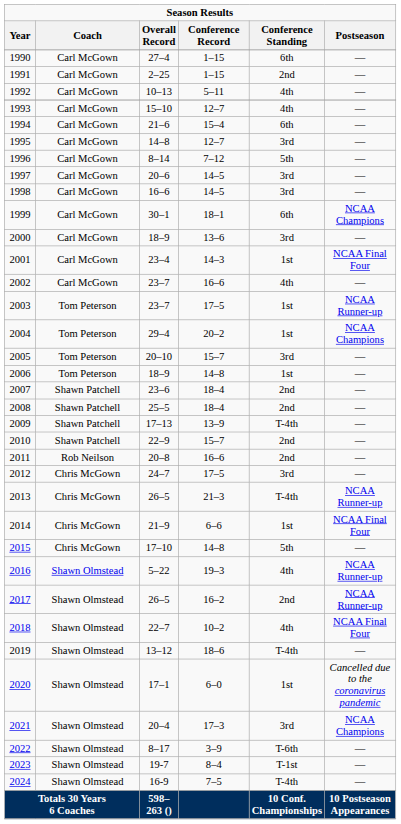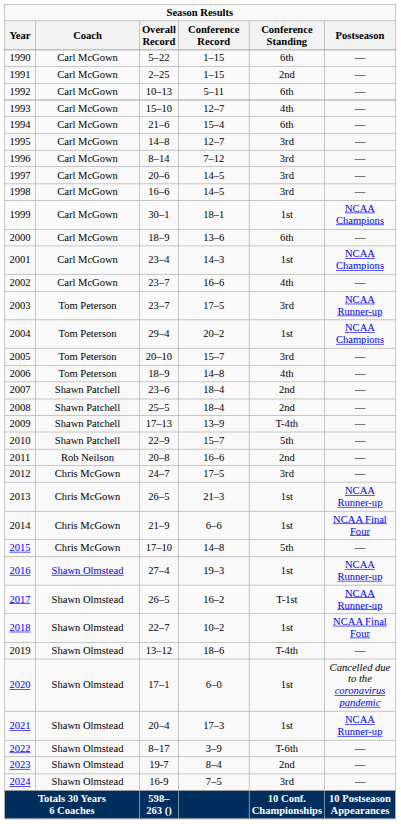 <table class="wikitable sortable" style="text-align:center">
 <tr>
 <td colspan="6"><strong>Season Results</strong></td>
 </tr>
 <tr>
 <th style="width:40px; ">Year</th>
 <th style="width:150px; ">Coach</th>
 <th style="width:40px; ">Overall Record</th>
 <th style="width:100px; ">Conference Record</th>
 <th style="width:40px; ">Conference Standing</th>
 <th style="width:100px; ">Postseason</th>
 </tr>
 <tr>
 </tr>
 <tr>
 <td>1990</td>
 <td>Carl McGown</td>
-<td>27–4</td>
+<td>5–22</td>
 <td>1–15</td>
 <td>6th</td>
 <td>—</td>
 </tr>
 <tr>
 <td>1991</td>
 <td>Carl McGown</td>
 <td>2–25</td>
 <td>1–15</td>
 <td>2nd</td>
 <td>—</td>
 </tr>
 <tr>
 <td>1992</td>
 <td>Carl McGown</td>
 <td>10–13</td>
 <td>5–11</td>
-<td>4th</td>
+<td>6th</td>
 <td>—</td>
 </tr>
 <tr>
 </tr>
 <tr>
 <td>1993</td>
 <td>Carl McGown</td>
 <td>15–10</td>
 <td>12–7</td>
 <td>4th</td>
 <td>—</td>
 </tr>
 <tr>
 <td>1994</td>
 <td>Carl McGown</td>
 <td>21–6</td>
 <td>15–4</td>
 <td>6th</td>
 <td>—</td>
 </tr>
 <tr>
 <td>1995</td>
 <td>Carl McGown</td>
 <td>14–8</td>
 <td>12–7</td>
 <td>3rd</td>
 <td>—</td>
 </tr>
 <tr>
 <td>1996</td>
 <td>Carl McGown</td>
 <td>8–14</td>
 <td>7–12</td>
-<td>5th</td>
+<td>3rd</td>
 <td>—</td>
 </tr>
 <tr>
 <td>1997</td>
 <td>Carl McGown</td>
 <td>20–6</td>
 <td>14–5</td>
 <td>3rd</td>
 <td>—</td>
 </tr>
 <tr>
 <td>1998</td>
 <td>Carl McGown</td>
 <td>16–6</td>
 <td>14–5</td>
 <td>3rd</td>
 <td>—</td>
 </tr>
 <tr>
 <td>1999</td>
 <td>Carl McGown</td>
 <td>30–1</td>
 <td>18–1</td>
-<td>6th</td>
+<td>1st</td>
 <td><a href='#'>NCAA Champions</a></td>
 </tr>
 <tr>
 <td>2000</td>
 <td>Carl McGown</td>
 <td>18–9</td>
 <td>13–6</td>
-<td>3rd</td>
+<td>6th</td>
 <td>—</td>
 </tr>
 <tr>
 <td>2001</td>
 <td>Carl McGown</td>
 <td>23–4</td>
 <td>14–3</td>
 <td>1st</td>
-<td><a href='#'>NCAA Final Four</a></td>
+<td><a href='#'>NCAA Champions</a></td>
 </tr>
 <tr>
 <td>2002</td>
 <td>Carl McGown</td>
 <td>23–7</td>
 <td>16–6</td>
 <td>4th</td>
 <td>—</td>
 </tr>
 <tr>
 <td>2003</td>
 <td>Tom Peterson</td>
 <td>23–7</td>
 <td>17–5</td>
-<td>1st</td>
+<td>3rd</td>
 <td><a href='#'>NCAA Runner-up</a></td>
 </tr>
 <tr>
 <td>2004</td>
 <td>Tom Peterson</td>
 <td>29–4</td>
 <td>20–2</td>
 <td>1st</td>
 <td><a href='#'>NCAA Champions</a></td>
 </tr>
 <tr>
 <td>2005</td>
 <td>Tom Peterson</td>
 <td>20–10</td>
 <td>15–7</td>
 <td>3rd</td>
 <td>—</td>
 </tr>
 <tr>
 <td>2006</td>
 <td>Tom Peterson</td>
 <td>18–9</td>
 <td>14–8</td>
-<td>1st</td>
+<td>4th</td>
 <td>—</td>
 </tr>
 <tr>
 <td>2007</td>
 <td>Shawn Patchell</td>
 <td>23–6</td>
 <td>18–4</td>
 <td>2nd</td>
 <td>—</td>
 </tr>
 <tr>
 <td>2008</td>
 <td>Shawn Patchell</td>
 <td>25–5</td>
 <td>18–4</td>
 <td>2nd</td>
 <td>—</td>
 </tr>
 <tr>
 <td>2009</td>
 <td>Shawn Patchell</td>
 <td>17–13</td>
 <td>13–9</td>
 <td>T-4th</td>
 <td>—</td>
 </tr>
 <tr>
 <td>2010</td>
 <td>Shawn Patchell</td>
 <td>22–9</td>
 <td>15–7</td>
-<td>2nd</td>
+<td>5th</td>
 <td>—</td>
 </tr>
 <tr>
 <td>2011</td>
 <td>Rob Neilson</td>
 <td>20–8</td>
 <td>16–6</td>
 <td>2nd</td>
 <td>—</td>
 </tr>
 <tr>
 <td>2012</td>
 <td>Chris McGown</td>
 <td>24–7</td>
 <td>17–5</td>
 <td>3rd</td>
 <td>—</td>
 </tr>
 <tr>
 <td>2013</td>
 <td>Chris McGown</td>
 <td>26–5</td>
 <td>21–3</td>
-<td>T-4th</td>
+<td>1st</td>
 <td><a href='#'>NCAA Runner-up</a></td>
 </tr>
 <tr>
 <td>2014</td>
 <td>Chris McGown</td>
 <td>21–9</td>
 <td>6–6</td>
 <td>1st</td>
 <td><a href='#'>NCAA Final Four</a></td>
 </tr>
 <tr>
 <td><a href='#'>2015</a></td>
 <td>Chris McGown</td>
 <td>17–10</td>
 <td>14–8</td>
 <td>5th</td>
 <td>—</td>
 </tr>
 <tr>
 <td><a href='#'>2016</a></td>
 <td><a href='#'>Shawn Olmstead</a></td>
-<td>5–22</td>
+<td>27–4</td>
 <td>19–3</td>
-<td>4th</td>
+<td>1st</td>
 <td><a href='#'>NCAA Runner-up</a></td>
 </tr>
 <tr>
 <td><a href='#'>2017</a></td>
 <td>Shawn Olmstead</td>
 <td>26–5</td>
 <td>16–2</td>
-<td>2nd</td>
+<td>T-1st</td>
 <td><a href='#'>NCAA Runner-up</a></td>
 </tr>
 <tr>
 <td><a href='#'>2018</a></td>
 <td>Shawn Olmstead</td>
 <td>22–7</td>
 <td>10–2</td>
-<td>4th</td>
+<td>1st</td>
 <td><a href='#'>NCAA Final Four</a></td>
 </tr>
 <tr>
 <td>2019</td>
 <td>Shawn Olmstead</td>
 <td>13–12</td>
 <td>18–6</td>
 <td>T-4th</td>
 <td>—</td>
 </tr>
 <tr>
 <td><a href='#'>2020</a></td>
 <td>Shawn Olmstead</td>
 <td>17–1</td>
 <td>6–0</td>
 <td>1st</td>
 <td><em>Cancelled due to the <a href='#'>coronavirus pandemic</a></em></td>
 </tr>
 <tr>
 <td><a href='#'>2021</a></td>
 <td>Shawn Olmstead</td>
 <td>20–4</td>
 <td>17–3</td>
-<td>3rd</td>
-<td><a href='#'>NCAA Champions</a></td>
+<td>1st</td>
+<td><a href='#'>NCAA Runner-up</a></td>
 </tr>
 <tr>
 <td><a href='#'>2022</a></td>
 <td>Shawn Olmstead</td>
 <td>8–17</td>
 <td>3–9</td>
 <td>T-6th</td>
 <td>—</td>
 </tr>
 <tr>
 <td><a href='#'>2023</a></td>
 <td>Shawn Olmstead</td>
 <td>19-7</td>
 <td>8–4</td>
-<td>T-1st</td>
+<td>2nd</td>
 <td>—</td>
 </tr>
 <tr>
 <td><a href='#'>2024</a></td>
 <td>Shawn Olmstead</td>
 <td>16-9</td>
 <td>7–5</td>
-<td>T-4th</td>
+<td>3rd</td>
 <td>—</td>
 </tr>
 <tr>
 </tr>
 <tr style="text-align:center; background:#002E5D; color:white;">
 <td colspan="2"><strong>Totals 30 Years<br>6 Coaches</strong></td>
 <td><strong>598–263 ()</strong></td>
 <td></td>
 <td><strong>10 Conf. Championships</strong></td>
 <td><strong>10 Postseason Appearances</strong></td>
 </tr>
 <tr>
 </tr>
 </table>
